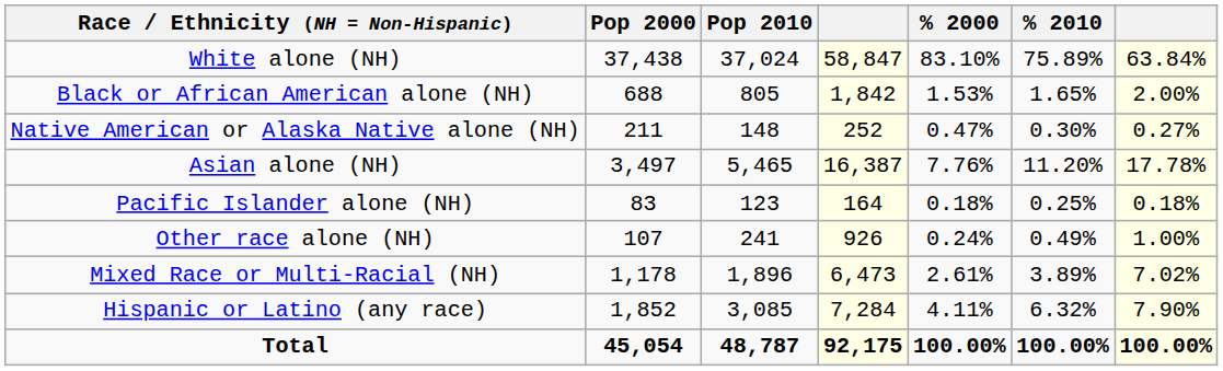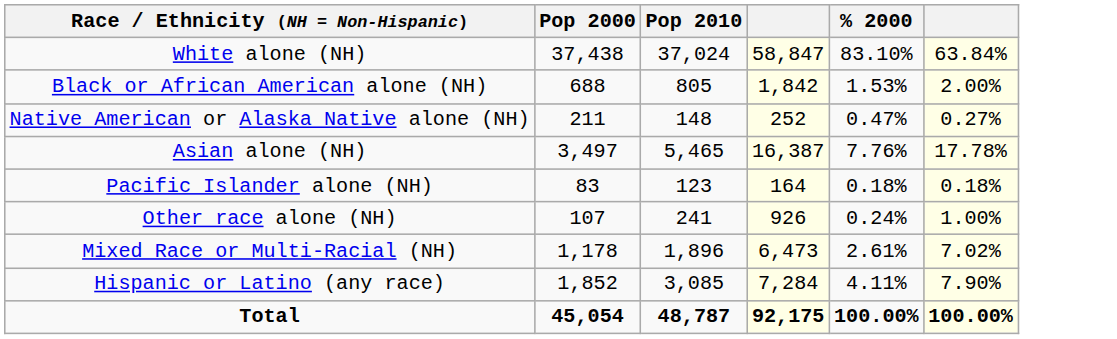 <table class="wikitable" style="text-align:center;">
 <tr>
 <th>Race / Ethnicity <small>(<em>NH = Non-Hispanic</em>)</small></th>
 <th>Pop 2000</th>
 <th>Pop 2010</th>
 <th></th>
 <th>% 2000</th>
-<th>% 2010</th>
 <th></th>
 </tr>
 <tr>
 <td><a href='#'>White</a> alone (NH)</td>
 <td>37,438</td>
 <td>37,024</td>
 <td style='background: #ffffe6;'>58,847</td>
 <td>83.10%</td>
-<td>75.89%</td>
 <td style='background: #ffffe6;'>63.84%</td>
 </tr>
 <tr>
 <td><a href='#'>Black or African American</a> alone (NH)</td>
 <td>688</td>
 <td>805</td>
 <td style='background: #ffffe6;'>1,842</td>
 <td>1.53%</td>
-<td>1.65%</td>
 <td style='background: #ffffe6;'>2.00%</td>
 </tr>
 <tr>
 <td><a href='#'>Native American</a> or <a href='#'>Alaska Native</a> alone (NH)</td>
 <td>211</td>
 <td>148</td>
 <td style='background: #ffffe6;'>252</td>
 <td>0.47%</td>
-<td>0.30%</td>
 <td style='background: #ffffe6;'>0.27%</td>
 </tr>
 <tr>
 <td><a href='#'>Asian</a> alone (NH)</td>
 <td>3,497</td>
 <td>5,465</td>
 <td style='background: #ffffe6;'>16,387</td>
 <td>7.76%</td>
-<td>11.20%</td>
 <td style='background: #ffffe6;'>17.78%</td>
 </tr>
 <tr>
 <td><a href='#'>Pacific Islander</a> alone (NH)</td>
 <td>83</td>
 <td>123</td>
 <td style='background: #ffffe6;'>164</td>
 <td>0.18%</td>
-<td>0.25%</td>
 <td style='background: #ffffe6;'>0.18%</td>
 </tr>
 <tr>
 <td><a href='#'>Other race</a> alone (NH)</td>
 <td>107</td>
 <td>241</td>
 <td style='background: #ffffe6;'>926</td>
 <td>0.24%</td>
-<td>0.49%</td>
 <td style='background: #ffffe6;'>1.00%</td>
 </tr>
 <tr>
 <td><a href='#'>Mixed Race or Multi-Racial</a> (NH)</td>
 <td>1,178</td>
 <td>1,896</td>
 <td style='background: #ffffe6;'>6,473</td>
 <td>2.61%</td>
-<td>3.89%</td>
 <td style='background: #ffffe6;'>7.02%</td>
 </tr>
 <tr>
 <td><a href='#'>Hispanic or Latino</a> (any race)</td>
 <td>1,852</td>
 <td>3,085</td>
 <td style='background: #ffffe6;'>7,284</td>
 <td>4.11%</td>
-<td>6.32%</td>
 <td style='background: #ffffe6;'>7.90%</td>
 </tr>
 <tr>
 <td><strong>Total</strong></td>
 <td><strong>45,054</strong></td>
 <td><strong>48,787</strong></td>
 <td style='background: #ffffe6;'><strong>92,175</strong></td>
 <td><strong>100.00%</strong></td>
-<td><strong>100.00%</strong></td>
 <td style='background: #ffffe6;'><strong>100.00%</strong></td>
 </tr>
 </table>
